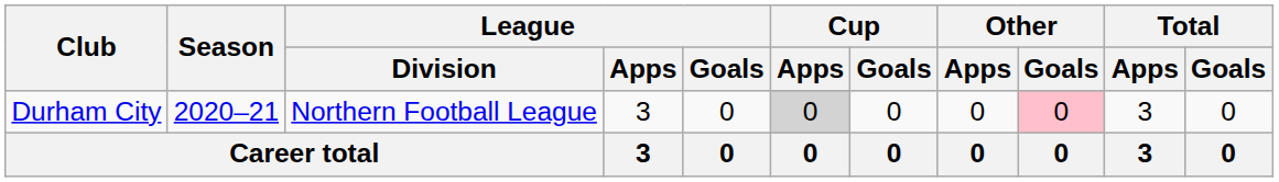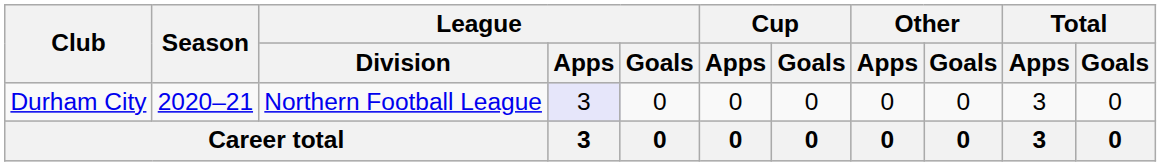 <table class="wikitable" style="text-align: center">
 <tr>
 <th rowspan="2">Club</th>
 <th rowspan="2">Season</th>
 <th colspan="3">League</th>
 <th colspan="2">Cup</th>
 <th colspan="2">Other</th>
 <th colspan="2">Total</th>
 </tr>
 <tr>
 <th>Division</th>
 <th>Apps</th>
 <th>Goals</th>
 <th>Apps</th>
 <th>Goals</th>
 <th>Apps</th>
 <th>Goals</th>
 <th>Apps</th>
 <th>Goals</th>
 </tr>
 <tr>
 <td><a href='#'>Durham City</a></td>
 <td><a href='#'>2020–21</a></td>
 <td><a href='#'>Northern Football League</a></td>
-<td>3</td>
-<td>0</td>
-<td style="background: lightgrey;">0</td>
+<td style="background: lavender;">3</td>
 <td>0</td>
 <td>0</td>
-<td style="background: pink;">0</td>
+<td>0</td>
+<td>0</td>
+<td>0</td>
 <td>3</td>
 <td>0</td>
 </tr>
 <tr>
 <th colspan="3">Career total</th>
 <th>3</th>
 <th>0</th>
 <th>0</th>
 <th>0</th>
 <th>0</th>
 <th>0</th>
 <th>3</th>
 <th>0</th>
 </tr>
 </table>
